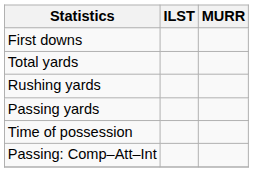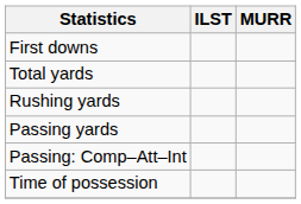 <table class="wikitable" style="float: left;">
 <tr>
 <th>Statistics</th>
 <th>ILST</th>
 <th>MURR</th>
 </tr>
 <tr>
 <td>First downs</td>
 <td></td>
 <td></td>
 </tr>
 <tr>
 <td>Total yards</td>
 <td></td>
 <td></td>
 </tr>
 <tr>
 <td>Rushing yards</td>
 <td></td>
 <td></td>
 </tr>
 <tr>
 <td>Passing yards</td>
 <td></td>
 <td></td>
 </tr>
 <tr>
-<td>Time of possession</td>
+<td>Passing: Comp–Att–Int</td>
 <td></td>
 <td></td>
 </tr>
 <tr>
-<td>Passing: Comp–Att–Int</td>
+<td>Time of possession</td>
 <td></td>
 <td></td>
 </tr>
 <tr>
 </tr>
 </table>
